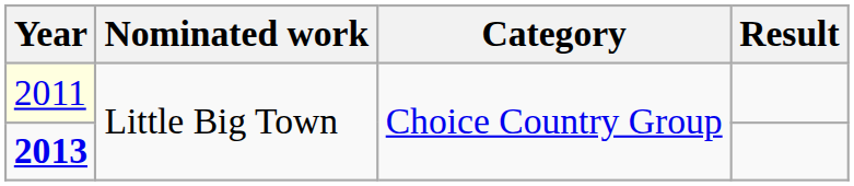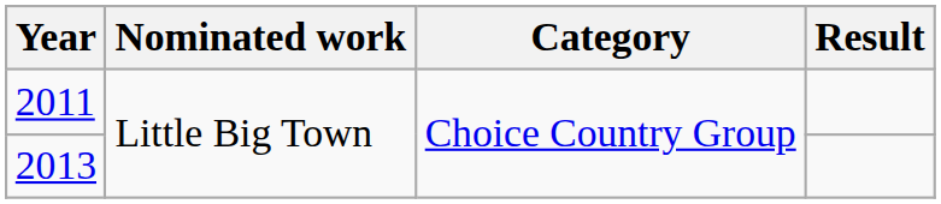 <table class="wikitable">
 <tr>
 <th>Year</th>
 <th>Nominated work</th>
 <th>Category</th>
 <th>Result</th>
 </tr>
 <tr>
-<td style="background: lightyellow;"><a href='#'>2011</a></td>
+<td><a href='#'>2011</a></td>
 <td rowspan="2">Little Big Town</td>
 <td rowspan="2"><a href='#'>Choice Country Group</a></td>
 <td></td>
 </tr>
 <tr>
-<td><strong><a href='#'>2013</a></strong></td>
+<td><a href='#'>2013</a></td>
 <td></td>
 </tr>
 </table>
